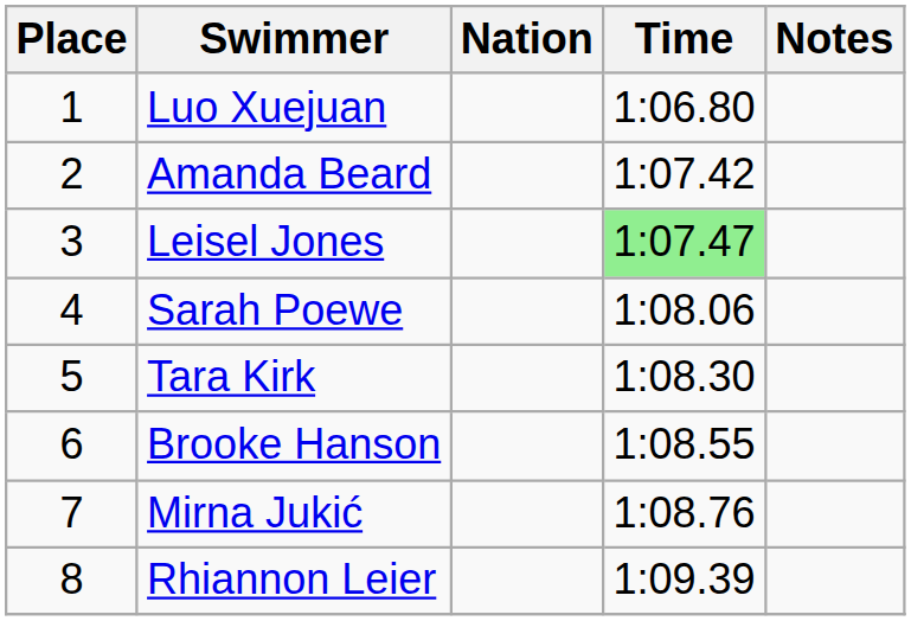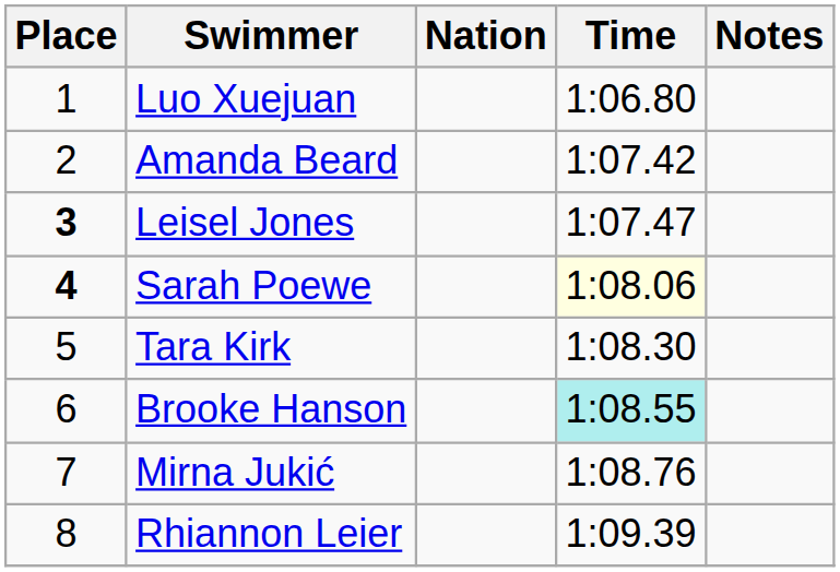 <table class="wikitable sortable" style="text-align:center">
 <tr>
 <th>Place</th>
 <th>Swimmer</th>
 <th>Nation</th>
 <th>Time</th>
 <th>Notes</th>
 </tr>
 <tr>
 <td>1</td>
 <td align=left><a href='#'>Luo Xuejuan</a></td>
 <td align=left></td>
 <td>1:06.80</td>
 <td></td>
 </tr>
 <tr>
 <td>2</td>
 <td align=left><a href='#'>Amanda Beard</a></td>
 <td align=left></td>
 <td>1:07.42</td>
 <td></td>
 </tr>
 <tr>
-<td>3</td>
+<td><strong>3</strong></td>
 <td align=left><a href='#'>Leisel Jones</a></td>
 <td align=left></td>
-<td style="background: lightgreen;">1:07.47</td>
+<td>1:07.47</td>
 <td></td>
 </tr>
 <tr>
-<td>4</td>
+<td><strong>4</strong></td>
 <td align=left><a href='#'>Sarah Poewe</a></td>
 <td align=left></td>
-<td>1:08.06</td>
+<td style="background: lightyellow;">1:08.06</td>
 <td></td>
 </tr>
 <tr>
 <td>5</td>
 <td align=left><a href='#'>Tara Kirk</a></td>
 <td align=left></td>
 <td>1:08.30</td>
 <td></td>
 </tr>
 <tr>
 <td>6</td>
 <td align=left><a href='#'>Brooke Hanson</a></td>
 <td align=left></td>
-<td>1:08.55</td>
+<td style="background: paleturquoise;">1:08.55</td>
 <td></td>
 </tr>
 <tr>
 <td>7</td>
 <td align=left><a href='#'>Mirna Jukić</a></td>
 <td align=left></td>
 <td>1:08.76</td>
 <td></td>
 </tr>
 <tr>
 <td>8</td>
 <td align=left><a href='#'>Rhiannon Leier</a></td>
 <td align=left></td>
 <td>1:09.39</td>
 <td></td>
 </tr>
 <tr>
 </tr>
 </table>
